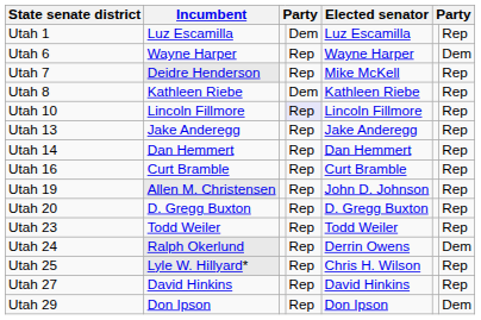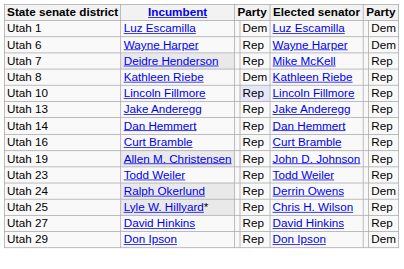 <table class="sortable wikitable" style="font-size:95%;line-height:14px;">
 <tr>
 <th colspan="1" class="unsortable">State senate district</th>
 <th class="unsortable"><a href='#'>Incumbent</a></th>
 <th colspan="2">Party</th>
 <th class="unsortable">Elected senator</th>
 <th colspan="2">Party</th>
 </tr>
 <tr>
 <td>Utah 1</td>
 <td><a href='#'>Luz Escamilla</a></td>
 <td style="background:"></td>
 <td>Dem</td>
 <td><a href='#'>Luz Escamilla</a></td>
 <td style="background:"></td>
-<td>Rep</td>
+<td>Dem</td>
 </tr>
 <tr>
 <td>Utah 6</td>
 <td><a href='#'>Wayne Harper</a></td>
 <td style="background:"></td>
 <td>Rep</td>
 <td><a href='#'>Wayne Harper</a></td>
 <td style="background:"></td>
 <td>Dem</td>
 </tr>
 <tr>
 <td>Utah 7</td>
 <td style="background:#E9E9E9;"><a href='#'>Deidre Henderson</a></td>
 <td style="background:"></td>
 <td>Rep</td>
 <td><a href='#'>Mike McKell</a></td>
 <td style="background:"></td>
 <td>Rep</td>
 </tr>
 <tr>
 <td>Utah 8</td>
 <td><a href='#'>Kathleen Riebe</a></td>
 <td style="background:"></td>
 <td>Dem</td>
 <td><a href='#'>Kathleen Riebe</a></td>
 <td style="background:"></td>
 <td>Rep</td>
 </tr>
 <tr>
 <td>Utah 10</td>
 <td><a href='#'>Lincoln Fillmore</a></td>
 <td style="background:"></td>
 <td style="background: lavender;">Rep</td>
 <td><a href='#'>Lincoln Fillmore</a></td>
 <td style="background:"></td>
 <td>Rep</td>
 </tr>
 <tr>
 <td>Utah 13</td>
 <td><a href='#'>Jake Anderegg</a></td>
 <td style="background:"></td>
 <td>Rep</td>
 <td><a href='#'>Jake Anderegg</a></td>
 <td style="background:"></td>
 <td>Rep</td>
 </tr>
 <tr>
 <td>Utah 14</td>
 <td><a href='#'>Dan Hemmert</a></td>
 <td style="background:"></td>
 <td>Rep</td>
 <td><a href='#'>Dan Hemmert</a></td>
 <td style="background:"></td>
 <td>Rep</td>
 </tr>
 <tr>
 <td>Utah 16</td>
 <td><a href='#'>Curt Bramble</a></td>
 <td style="background:"></td>
 <td>Rep</td>
 <td><a href='#'>Curt Bramble</a></td>
 <td style="background:"></td>
 <td>Rep</td>
 </tr>
 <tr>
 <td>Utah 19</td>
 <td style="background:#E9E9E9;"><a href='#'>Allen M. Christensen</a></td>
 <td style="background:"></td>
 <td>Rep</td>
 <td><a href='#'>John D. Johnson</a></td>
 <td style="background:"></td>
 <td>Rep</td>
 </tr>
 <tr>
-<td>Utah 20</td>
-<td><a href='#'>D. Gregg Buxton</a></td>
-<td style="background:"></td>
-<td>Rep</td>
-<td><a href='#'>D. Gregg Buxton</a></td>
-<td style="background:"></td>
-<td>Rep</td>
-</tr>
-<tr>
 <td>Utah 23</td>
 <td><a href='#'>Todd Weiler</a></td>
 <td style="background:"></td>
 <td>Rep</td>
 <td><a href='#'>Todd Weiler</a></td>
 <td style="background:"></td>
 <td>Rep</td>
 </tr>
 <tr>
 <td>Utah 24</td>
 <td style="background:#E9E9E9;"><a href='#'>Ralph Okerlund</a></td>
 <td style="background:"></td>
 <td>Rep</td>
 <td><a href='#'>Derrin Owens</a></td>
 <td style="background:"></td>
 <td>Dem</td>
 </tr>
 <tr>
 <td>Utah 25</td>
 <td style="background:#E9E9E9;"><a href='#'>Lyle W. Hillyard</a>*</td>
 <td style="background:"></td>
 <td>Rep</td>
 <td><a href='#'>Chris H. Wilson</a></td>
 <td style="background:"></td>
 <td>Rep</td>
 </tr>
 <tr>
 <td>Utah 27</td>
 <td><a href='#'>David Hinkins</a></td>
 <td style="background:"></td>
 <td>Rep</td>
 <td><a href='#'>David Hinkins</a></td>
 <td style="background:"></td>
 <td>Rep</td>
 </tr>
 <tr>
 <td>Utah 29</td>
 <td><a href='#'>Don Ipson</a></td>
 <td style="background:"></td>
 <td>Rep</td>
 <td><a href='#'>Don Ipson</a></td>
 <td style="background:"></td>
 <td>Dem</td>
 </tr>
 </table>
